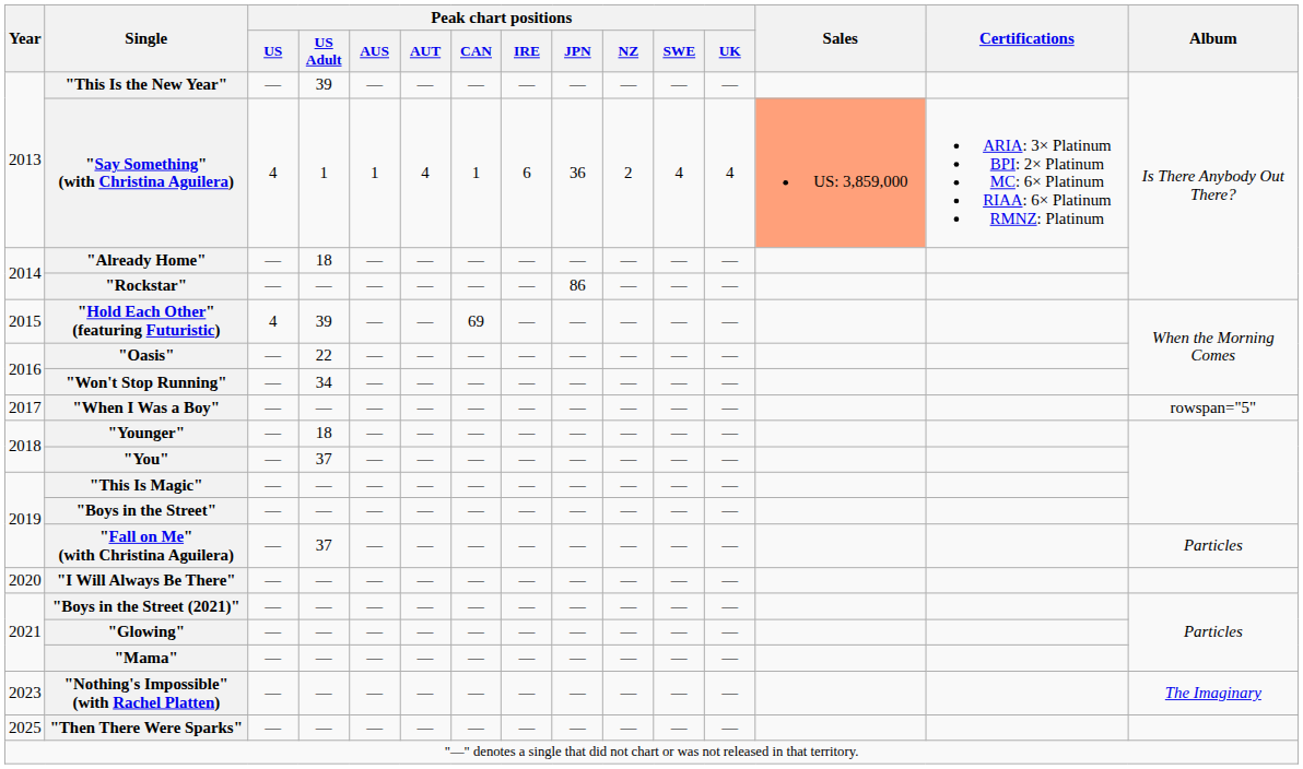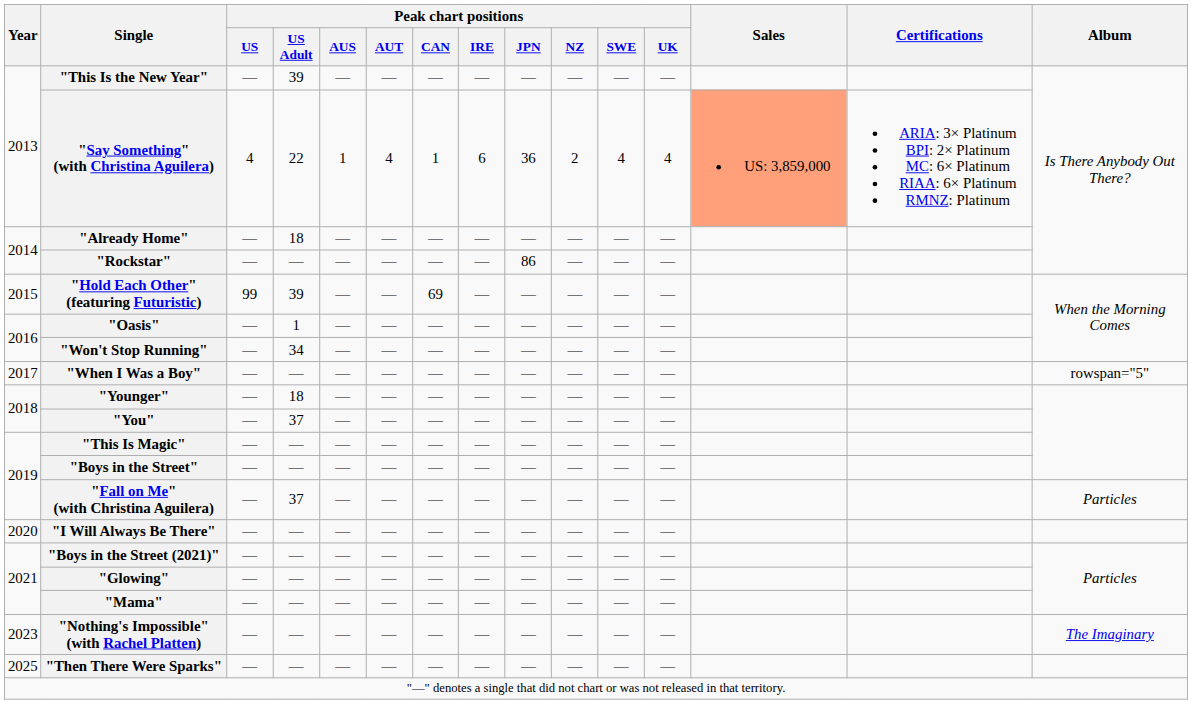 <table class="wikitable plainrowheaders" style="text-align:center;">
 <tr>
 <th scope="col" rowspan="2" style="width:1em;">Year</th>
 <th scope="col" rowspan="2" style="width:12em;">Single</th>
 <th scope="col" colspan="10">Peak chart positions</th>
 <th scope="col" rowspan="2" style="width:10em;">Sales</th>
 <th scope="col" rowspan="2" style="width:12em;"><a href='#'>Certifications</a></th>
 <th scope="col" rowspan="2" style="width:10em;">Album</th>
 </tr>
 <tr>
 <th scope="col" style="width:3em;font-size:90%;"><a href='#'>US</a><br></th>
 <th scope="col" style="width:3em;font-size:90%;"><a href='#'>US<br>Adult</a><br></th>
 <th scope="col" style="width:3em;font-size:90%;"><a href='#'>AUS</a><br></th>
 <th scope="col" style="width:3em;font-size:90%;"><a href='#'>AUT</a><br></th>
 <th scope="col" style="width:3em;font-size:90%;"><a href='#'>CAN</a><br></th>
 <th scope="col" style="width:3em;font-size:90%;"><a href='#'>IRE</a><br></th>
 <th scope="col" style="width:3em;font-size:90%;"><a href='#'>JPN</a><br></th>
 <th scope="col" style="width:3em;font-size:90%;"><a href='#'>NZ</a><br></th>
 <th scope="col" style="width:3em;font-size:90%;"><a href='#'>SWE</a><br></th>
 <th scope="col" style="width:3em;font-size:90%;"><a href='#'>UK</a><br></th>
 </tr>
 <tr>
 <td rowspan="2">2013</td>
 <th scope="row">"This Is the New Year"</th>
 <td>—</td>
 <td>39</td>
 <td>—</td>
 <td>—</td>
 <td>—</td>
 <td>—</td>
 <td>—</td>
 <td>—</td>
 <td>—</td>
 <td>—</td>
 <td></td>
 <td></td>
 <td rowspan="4"><em>Is There Anybody Out There?</em></td>
 </tr>
 <tr>
 <th scope="row">"<a href='#'>Say Something</a>"<br><span>(with <a href='#'>Christina Aguilera</a>)</span></th>
 <td>4</td>
-<td>1</td>
+<td>22</td>
 <td>1</td>
 <td>4</td>
 <td>1</td>
 <td>6</td>
 <td>36</td>
 <td>2</td>
 <td>4</td>
 <td>4</td>
 <td style="background: lightsalmon;"><br><ul><li>US: 3,859,000</li></ul></td>
 <td><br><ul><li><a href='#'>ARIA</a>: 3× Platinum</li><li><a href='#'>BPI</a>: 2× Platinum</li><li><a href='#'>MC</a>: 6× Platinum</li><li><a href='#'>RIAA</a>: 6× Platinum</li><li><a href='#'>RMNZ</a>: Platinum</li></ul></td>
 </tr>
 <tr>
 <td rowspan="2">2014</td>
 <th scope="row">"Already Home"</th>
 <td>—</td>
 <td>18</td>
 <td>—</td>
 <td>—</td>
 <td>—</td>
 <td>—</td>
 <td>—</td>
 <td>—</td>
 <td>—</td>
 <td>—</td>
 <td></td>
 <td></td>
 </tr>
 <tr>
 <th scope="row">"Rockstar"</th>
 <td>—</td>
 <td>—</td>
 <td>—</td>
 <td>—</td>
 <td>—</td>
 <td>—</td>
 <td>86</td>
 <td>—</td>
 <td>—</td>
 <td>—</td>
 <td></td>
 <td></td>
 </tr>
 <tr>
 <td>2015</td>
 <th scope="row">"<a href='#'>Hold Each Other</a>"<br><span>(featuring <a href='#'>Futuristic</a>)</span></th>
-<td>4</td>
+<td>99</td>
 <td>39</td>
 <td>—</td>
 <td>—</td>
 <td>69</td>
 <td>—</td>
 <td>—</td>
 <td>—</td>
 <td>—</td>
 <td>—</td>
 <td></td>
 <td></td>
 <td rowspan="3"><em>When the Morning Comes</em></td>
 </tr>
 <tr>
 <td rowspan="2">2016</td>
 <th scope="row">"Oasis"</th>
 <td>—</td>
-<td>22</td>
+<td>1</td>
 <td>—</td>
 <td>—</td>
 <td>—</td>
 <td>—</td>
 <td>—</td>
 <td>—</td>
 <td>—</td>
 <td>—</td>
 <td></td>
 <td></td>
 </tr>
 <tr>
 <th scope="row">"Won't Stop Running"</th>
 <td>—</td>
 <td>34</td>
 <td>—</td>
 <td>—</td>
 <td>—</td>
 <td>—</td>
 <td>—</td>
 <td>—</td>
 <td>—</td>
 <td>—</td>
 <td></td>
 <td></td>
 </tr>
 <tr>
 <td>2017</td>
 <th scope="row">"When I Was a Boy"</th>
 <td>—</td>
 <td>—</td>
 <td>—</td>
 <td>—</td>
 <td>—</td>
 <td>—</td>
 <td>—</td>
 <td>—</td>
 <td>—</td>
 <td>—</td>
 <td></td>
 <td></td>
 <td>rowspan="5" </td>
 </tr>
 <tr>
 <td rowspan="2">2018</td>
 <th scope="row">"Younger"</th>
 <td>—</td>
 <td>18</td>
 <td>—</td>
 <td>—</td>
 <td>—</td>
 <td>—</td>
 <td>—</td>
 <td>—</td>
 <td>—</td>
 <td>—</td>
 <td></td>
 <td></td>
 </tr>
 <tr>
 <th scope="row">"You"</th>
 <td>—</td>
 <td>37</td>
 <td>—</td>
 <td>—</td>
 <td>—</td>
 <td>—</td>
 <td>—</td>
 <td>—</td>
 <td>—</td>
 <td>—</td>
 <td></td>
 <td></td>
 </tr>
 <tr>
 <td rowspan="3">2019</td>
 <th scope="row">"This Is Magic"</th>
 <td>—</td>
 <td>—</td>
 <td>—</td>
 <td>—</td>
 <td>—</td>
 <td>—</td>
 <td>—</td>
 <td>—</td>
 <td>—</td>
 <td>—</td>
 <td></td>
 <td></td>
 </tr>
 <tr>
 <th scope="row">"Boys in the Street"</th>
 <td>—</td>
 <td>—</td>
 <td>—</td>
 <td>—</td>
 <td>—</td>
 <td>—</td>
 <td>—</td>
 <td>—</td>
 <td>—</td>
 <td>—</td>
 <td></td>
 <td></td>
 </tr>
 <tr>
 <th scope="row">"<a href='#'>Fall on Me</a>"<br><span>(with Christina Aguilera)</span></th>
 <td>—</td>
 <td>37</td>
 <td>—</td>
 <td>—</td>
 <td>—</td>
 <td>—</td>
 <td>—</td>
 <td>—</td>
 <td>—</td>
 <td>—</td>
 <td></td>
 <td></td>
 <td><em>Particles</em></td>
 </tr>
 <tr>
 <td>2020</td>
 <th scope="row">"I Will Always Be There"</th>
 <td>—</td>
 <td>—</td>
 <td>—</td>
 <td>—</td>
 <td>—</td>
 <td>—</td>
 <td>—</td>
 <td>—</td>
 <td>—</td>
 <td>—</td>
 <td></td>
 <td></td>
 <td></td>
 </tr>
 <tr>
 <td rowspan="3">2021</td>
 <th scope="row">"Boys in the Street (2021)"</th>
 <td>—</td>
 <td>—</td>
 <td>—</td>
 <td>—</td>
 <td>—</td>
 <td>—</td>
 <td>—</td>
 <td>—</td>
 <td>—</td>
 <td>—</td>
 <td></td>
 <td></td>
 <td rowspan="3"><em>Particles</em></td>
 </tr>
 <tr>
 <th scope="row">"Glowing"</th>
 <td>—</td>
 <td>—</td>
 <td>—</td>
 <td>—</td>
 <td>—</td>
 <td>—</td>
 <td>—</td>
 <td>—</td>
 <td>—</td>
 <td>—</td>
 <td></td>
 <td></td>
 </tr>
 <tr>
 <th scope="row">"Mama"</th>
 <td>—</td>
 <td>—</td>
 <td>—</td>
 <td>—</td>
 <td>—</td>
 <td>—</td>
 <td>—</td>
 <td>—</td>
 <td>—</td>
 <td>—</td>
 <td></td>
 <td></td>
 </tr>
 <tr>
 <td>2023</td>
 <th scope="row">"Nothing's Impossible"<br><span>(with <a href='#'>Rachel Platten</a>)</span></th>
 <td>—</td>
 <td>—</td>
 <td>—</td>
 <td>—</td>
 <td>—</td>
 <td>—</td>
 <td>—</td>
 <td>—</td>
 <td>—</td>
 <td>—</td>
 <td></td>
 <td></td>
 <td><em><a href='#'>The Imaginary</a></em></td>
 </tr>
 <tr>
 <td>2025</td>
 <th scope="row">"Then There Were Sparks"</th>
 <td>—</td>
 <td>—</td>
 <td>—</td>
 <td>—</td>
 <td>—</td>
 <td>—</td>
 <td>—</td>
 <td>—</td>
 <td>—</td>
 <td>—</td>
 <td></td>
 <td></td>
 </tr>
 <tr>
 <td colspan="15" style="font-size:85%;">"—" denotes a single that did not chart or was not released in that territory.</td>
 </tr>
 </table>
